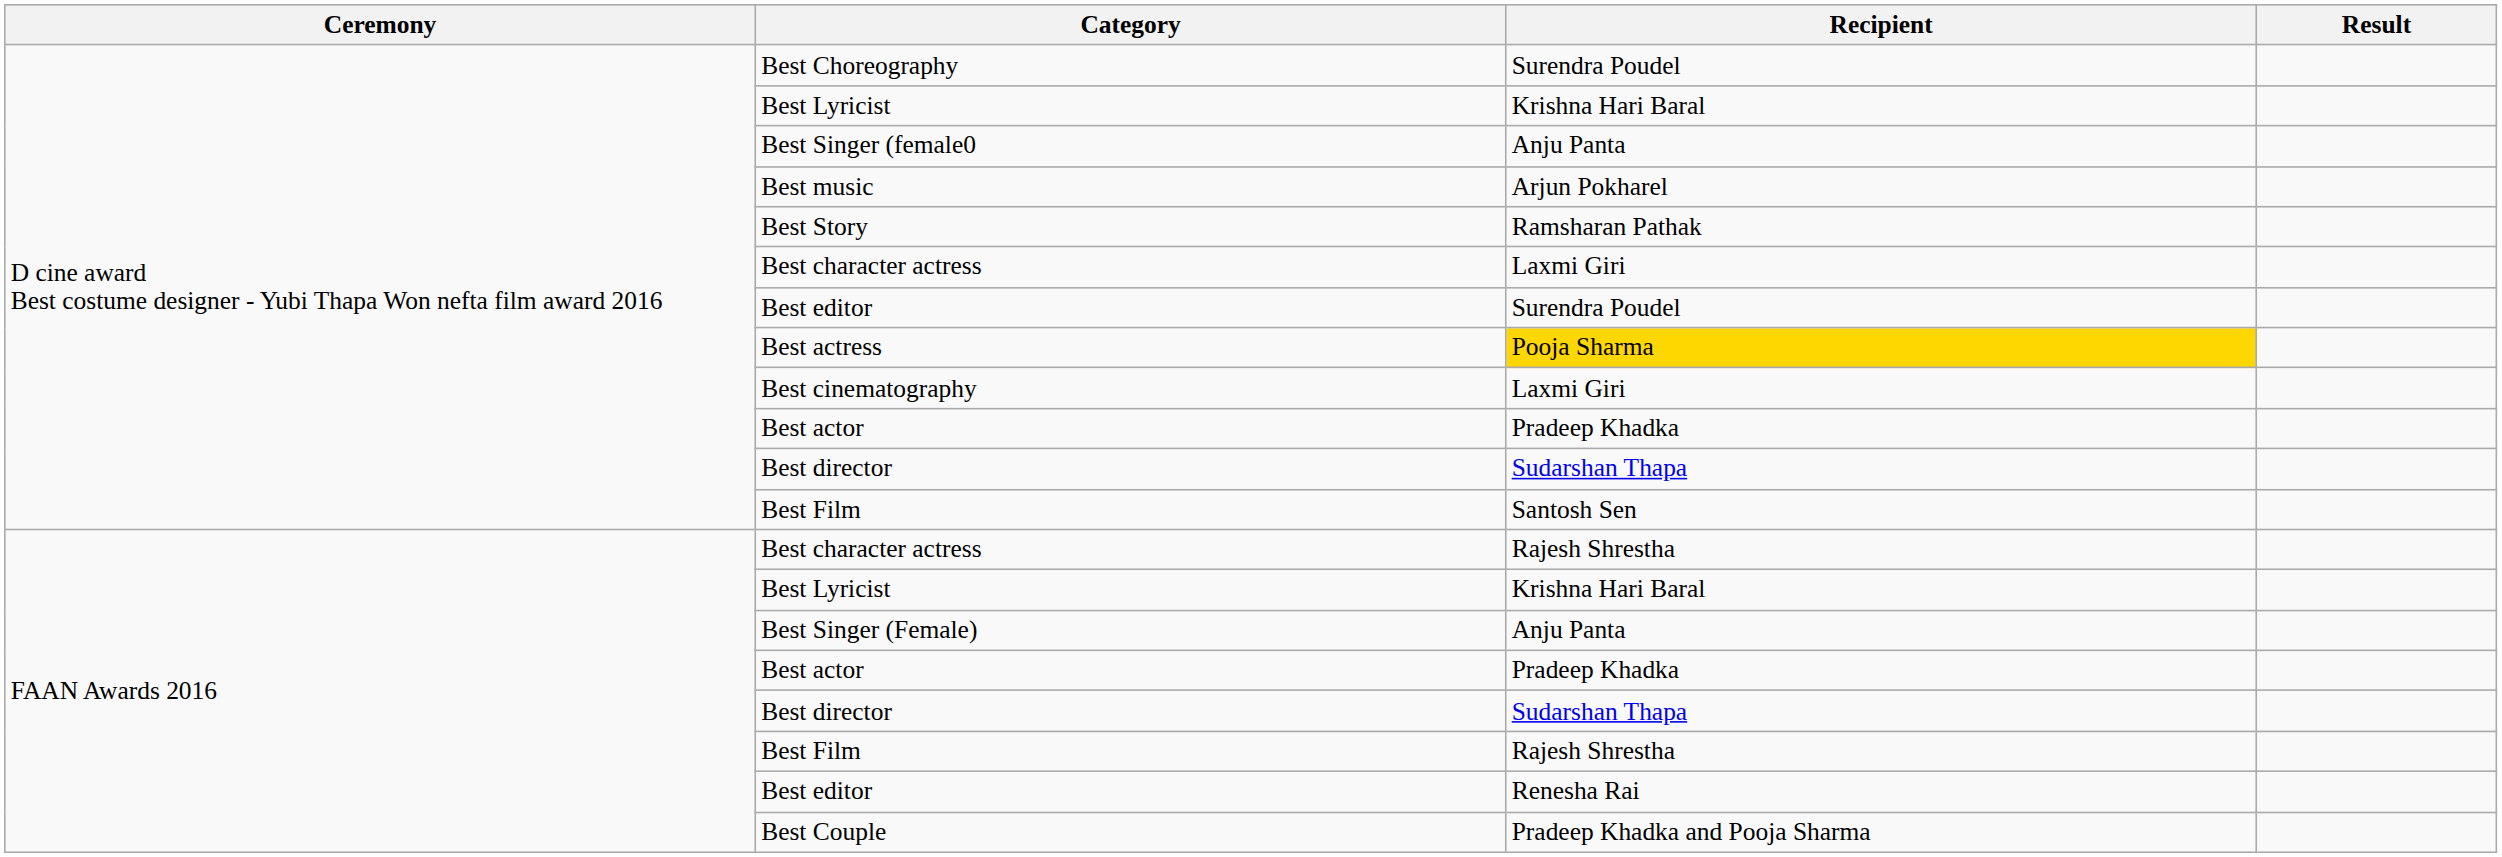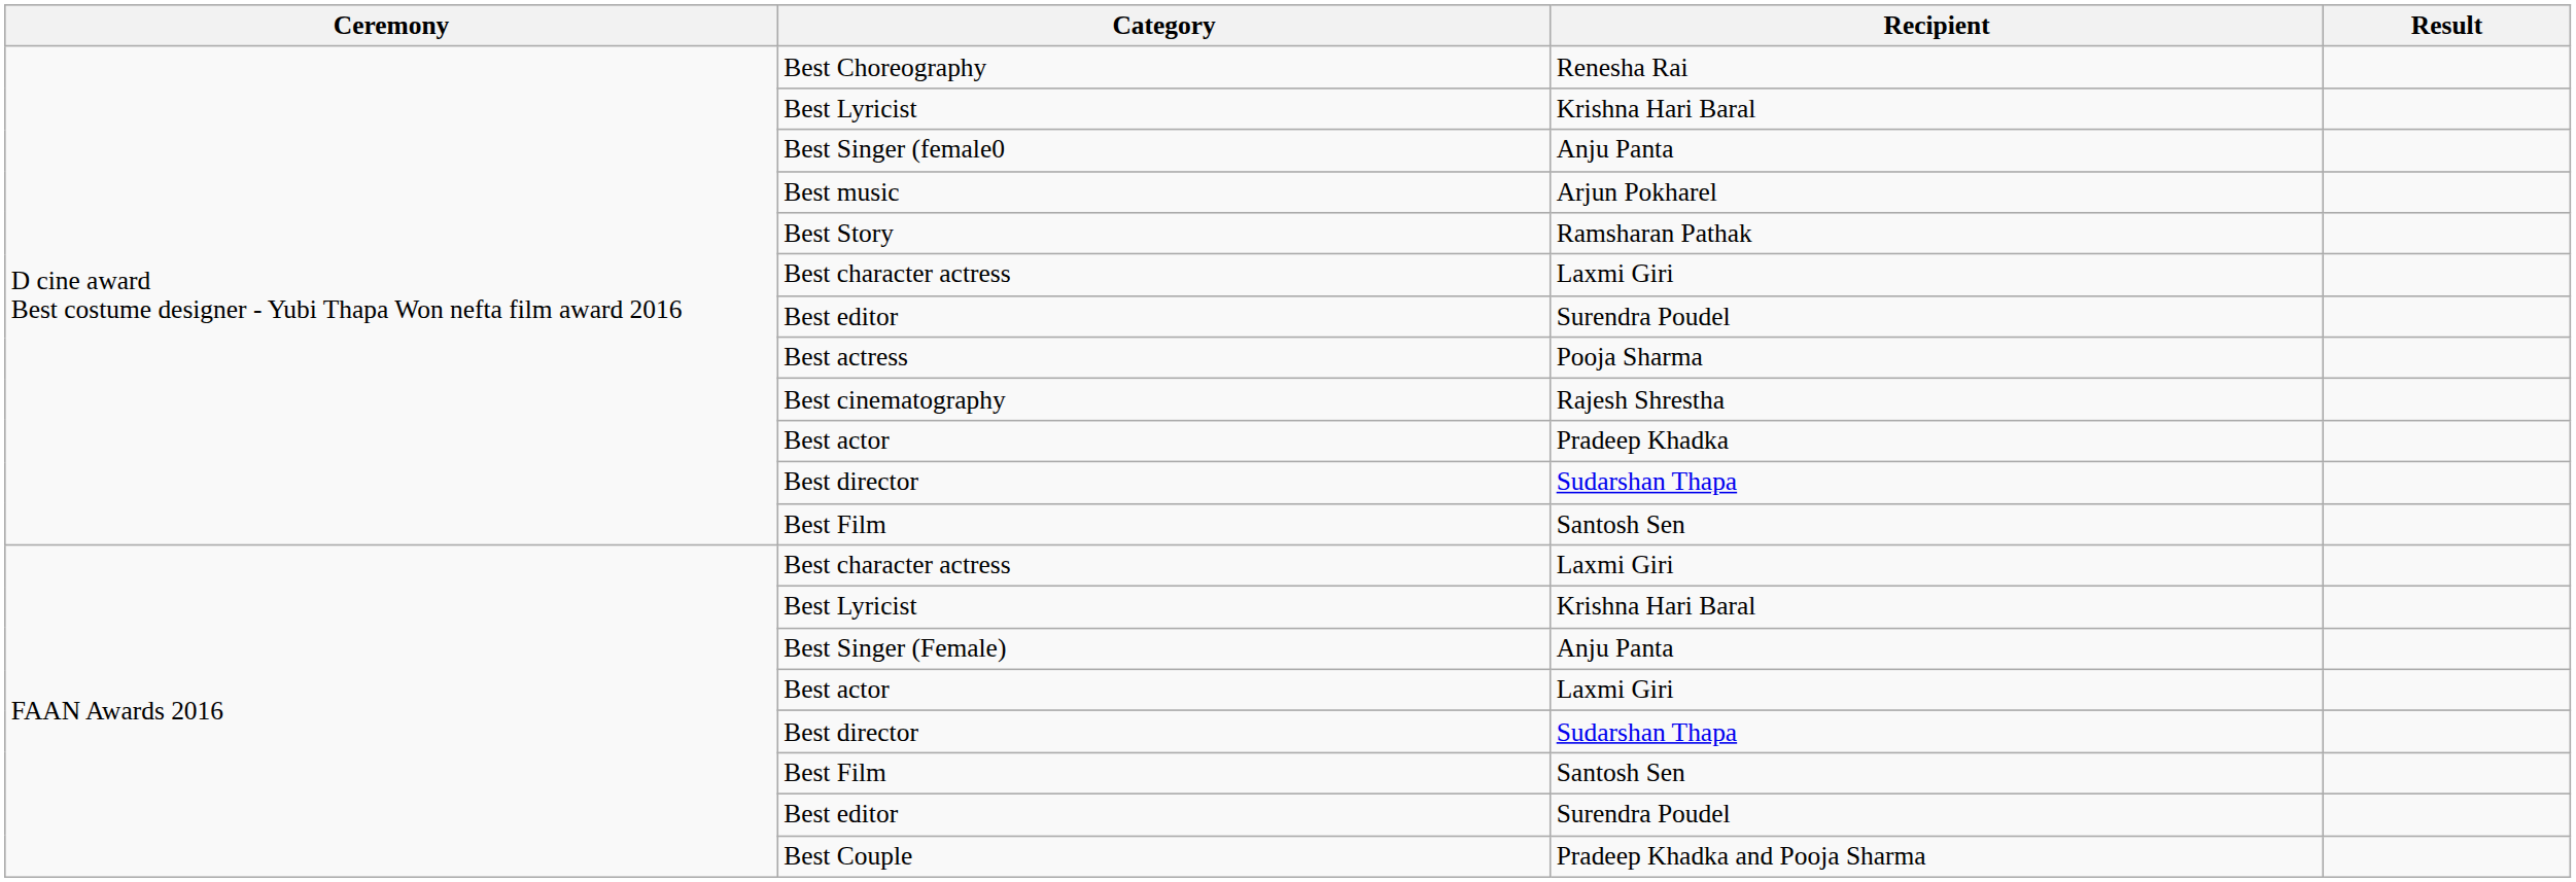 <table class="wikitable mw-collapsible " style="width:99%;"  >
 <tr>
 <th style="width:25%;" scope="col">Ceremony</th>
 <th style="width:25%;" scope="col">Category</th>
 <th style="width:25%;" scope="col">Recipient</th>
 <th style="width:8%;" scope="col">Result</th>
 </tr>
 <tr>
 <td rowspan="12">D cine award  <br>Best costume designer - Yubi Thapa Won nefta film award 2016</td>
 <td>Best Choreography</td>
-<td>Surendra Poudel</td>
+<td>Renesha Rai</td>
 <td></td>
 </tr>
 <tr>
 <td>Best Lyricist</td>
 <td>Krishna Hari Baral</td>
 <td></td>
 </tr>
 <tr>
 <td>Best Singer (female0</td>
 <td>Anju Panta</td>
 <td></td>
 </tr>
 <tr>
 <td>Best music</td>
 <td>Arjun Pokharel</td>
 <td></td>
 </tr>
 <tr>
 <td>Best Story</td>
 <td>Ramsharan Pathak</td>
 <td></td>
 </tr>
 <tr>
 <td>Best character actress</td>
 <td>Laxmi Giri</td>
 <td></td>
 </tr>
 <tr>
 <td>Best editor</td>
 <td>Surendra Poudel</td>
 <td></td>
 </tr>
 <tr>
 <td>Best actress</td>
-<td style="background: gold;">Pooja Sharma</td>
+<td>Pooja Sharma</td>
 <td></td>
 </tr>
 <tr>
 <td>Best cinematography</td>
-<td>Laxmi Giri</td>
+<td>Rajesh Shrestha</td>
 <td></td>
 </tr>
 <tr>
 <td>Best actor</td>
 <td>Pradeep Khadka</td>
 <td></td>
 </tr>
 <tr>
 <td>Best director</td>
 <td><a href='#'>Sudarshan Thapa</a></td>
 <td></td>
 </tr>
 <tr>
 <td>Best Film</td>
 <td>Santosh Sen</td>
 <td></td>
 </tr>
 <tr>
 <td rowspan="8">FAAN Awards 2016 </td>
 <td>Best character actress</td>
-<td>Rajesh Shrestha</td>
+<td>Laxmi Giri</td>
 <td></td>
 </tr>
 <tr>
 <td>Best Lyricist</td>
 <td>Krishna Hari Baral</td>
 <td></td>
 </tr>
 <tr>
 <td>Best Singer (Female)</td>
 <td>Anju Panta</td>
 <td></td>
 </tr>
 <tr>
 <td>Best actor</td>
-<td>Pradeep Khadka</td>
+<td>Laxmi Giri</td>
 <td></td>
 </tr>
 <tr>
 <td>Best director</td>
 <td><a href='#'>Sudarshan Thapa</a></td>
 <td></td>
 </tr>
 <tr>
 <td>Best Film</td>
-<td>Rajesh Shrestha</td>
+<td>Santosh Sen</td>
 <td></td>
 </tr>
 <tr>
 <td>Best editor</td>
-<td>Renesha Rai</td>
+<td>Surendra Poudel</td>
 <td></td>
 </tr>
 <tr>
 <td>Best Couple</td>
 <td>Pradeep Khadka and Pooja Sharma</td>
 <td></td>
 </tr>
 </table>
